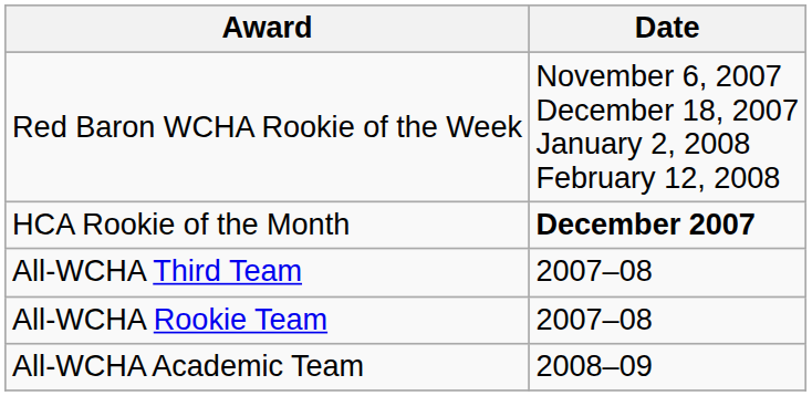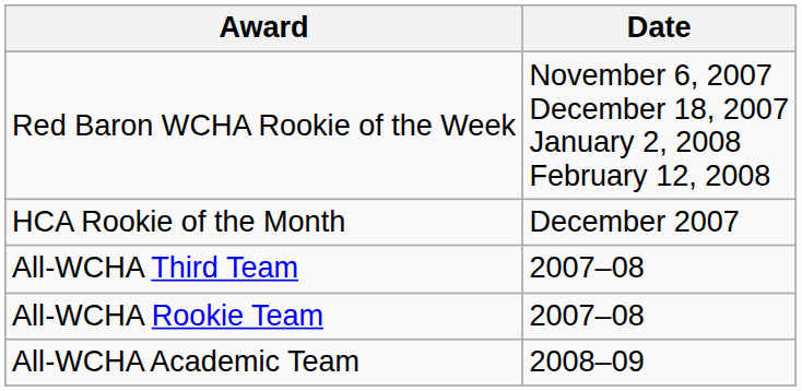 <table class="wikitable" border="1">
 <tr>
 <th>Award</th>
 <th>Date</th>
 </tr>
 <tr>
 <td>Red Baron WCHA Rookie of the Week</td>
 <td>November 6, 2007<br>December 18, 2007<br>January 2, 2008<br>February 12, 2008</td>
 </tr>
 <tr>
 <td>HCA Rookie of the Month</td>
-<td><strong>December 2007</strong></td>
+<td>December 2007</td>
 </tr>
 <tr>
 <td>All-WCHA <a href='#'>Third Team</a></td>
 <td>2007–08</td>
 </tr>
 <tr>
 <td>All-WCHA <a href='#'>Rookie Team</a></td>
 <td>2007–08</td>
 </tr>
 <tr>
 <td>All-WCHA Academic Team</td>
 <td>2008–09</td>
 </tr>
 </table>
